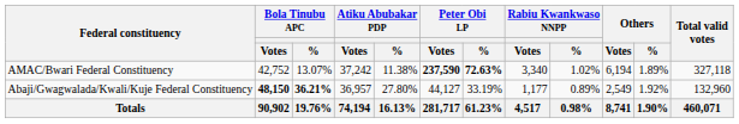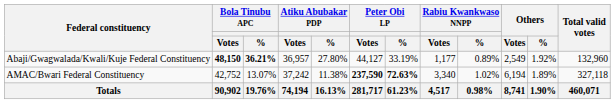 <table class="wikitable sortable" style="text-align:right; font-size:90%">
 <tr>
 <th rowspan="3" style="max-width:7.5em;">Federal constituency</th>
 <th colspan="2"><a href='#'>Bola Tinubu</a><br><small>APC</small></th>
 <th colspan="2"><a href='#'>Atiku Abubakar</a><br><small>PDP</small></th>
 <th colspan="2"><a href='#'>Peter Obi</a><br><small>LP</small></th>
 <th colspan="2"><a href='#'>Rabiu Kwankwaso</a><br><small>NNPP</small></th>
 <th colspan="2" rowspan="2">Others</th>
 <th rowspan="3" style="max-width:5em;">Total valid votes</th>
 </tr>
 <tr>
 <th colspan=2 style="background-color:"></th>
 <th colspan=2 style="background-color:"></th>
 <th colspan=2 style="background-color:"></th>
 <th colspan=2 style="background-color:"></th>
 </tr>
 <tr>
 <th>Votes</th>
 <th>%</th>
 <th>Votes</th>
 <th>%</th>
 <th>Votes</th>
 <th>%</th>
 <th>Votes</th>
 <th>%</th>
 <th>Votes</th>
 <th>%</th>
 </tr>
 <tr style="background-color:#">
+<td style="text-align:left;">Abaji/Gwagwalada/Kwali/Kuje Federal Constituency</td>
+<td><strong>48,150</strong></td>
+<td><strong>36.21%</strong></td>
+<td>36,957</td>
+<td>27.80%</td>
+<td>44,127</td>
+<td>33.19%</td>
+<td>1,177</td>
+<td>0.89%</td>
+<td>2,549</td>
+<td>1.92%</td>
+<td>132,960</td>
+</tr>
+<tr style="background-color:#">
 <td style="text-align:left;">AMAC/Bwari Federal Constituency</td>
 <td>42,752</td>
 <td>13.07%</td>
 <td>37,242</td>
 <td>11.38%</td>
 <td><strong>237,590</strong></td>
 <td><strong>72.63%</strong></td>
 <td>3,340</td>
 <td>1.02%</td>
 <td>6,194</td>
 <td>1.89%</td>
 <td>327,118</td>
-</tr>
-<tr style="background-color:#">
-<td style="text-align:left;">Abaji/Gwagwalada/Kwali/Kuje Federal Constituency</td>
-<td><strong>48,150</strong></td>
-<td><strong>36.21%</strong></td>
-<td>36,957</td>
-<td>27.80%</td>
-<td>44,127</td>
-<td>33.19%</td>
-<td>1,177</td>
-<td>0.89%</td>
-<td>2,549</td>
-<td>1.92%</td>
-<td>132,960</td>
 </tr>
 <tr>
 <th>Totals</th>
 <th>90,902</th>
 <th>19.76%</th>
 <th>74,194</th>
 <th>16.13%</th>
 <th>281,717</th>
 <th>61.23%</th>
 <th>4,517</th>
 <th>0.98%</th>
 <th>8,741</th>
 <th>1.90%</th>
 <th>460,071</th>
 </tr>
 </table>
